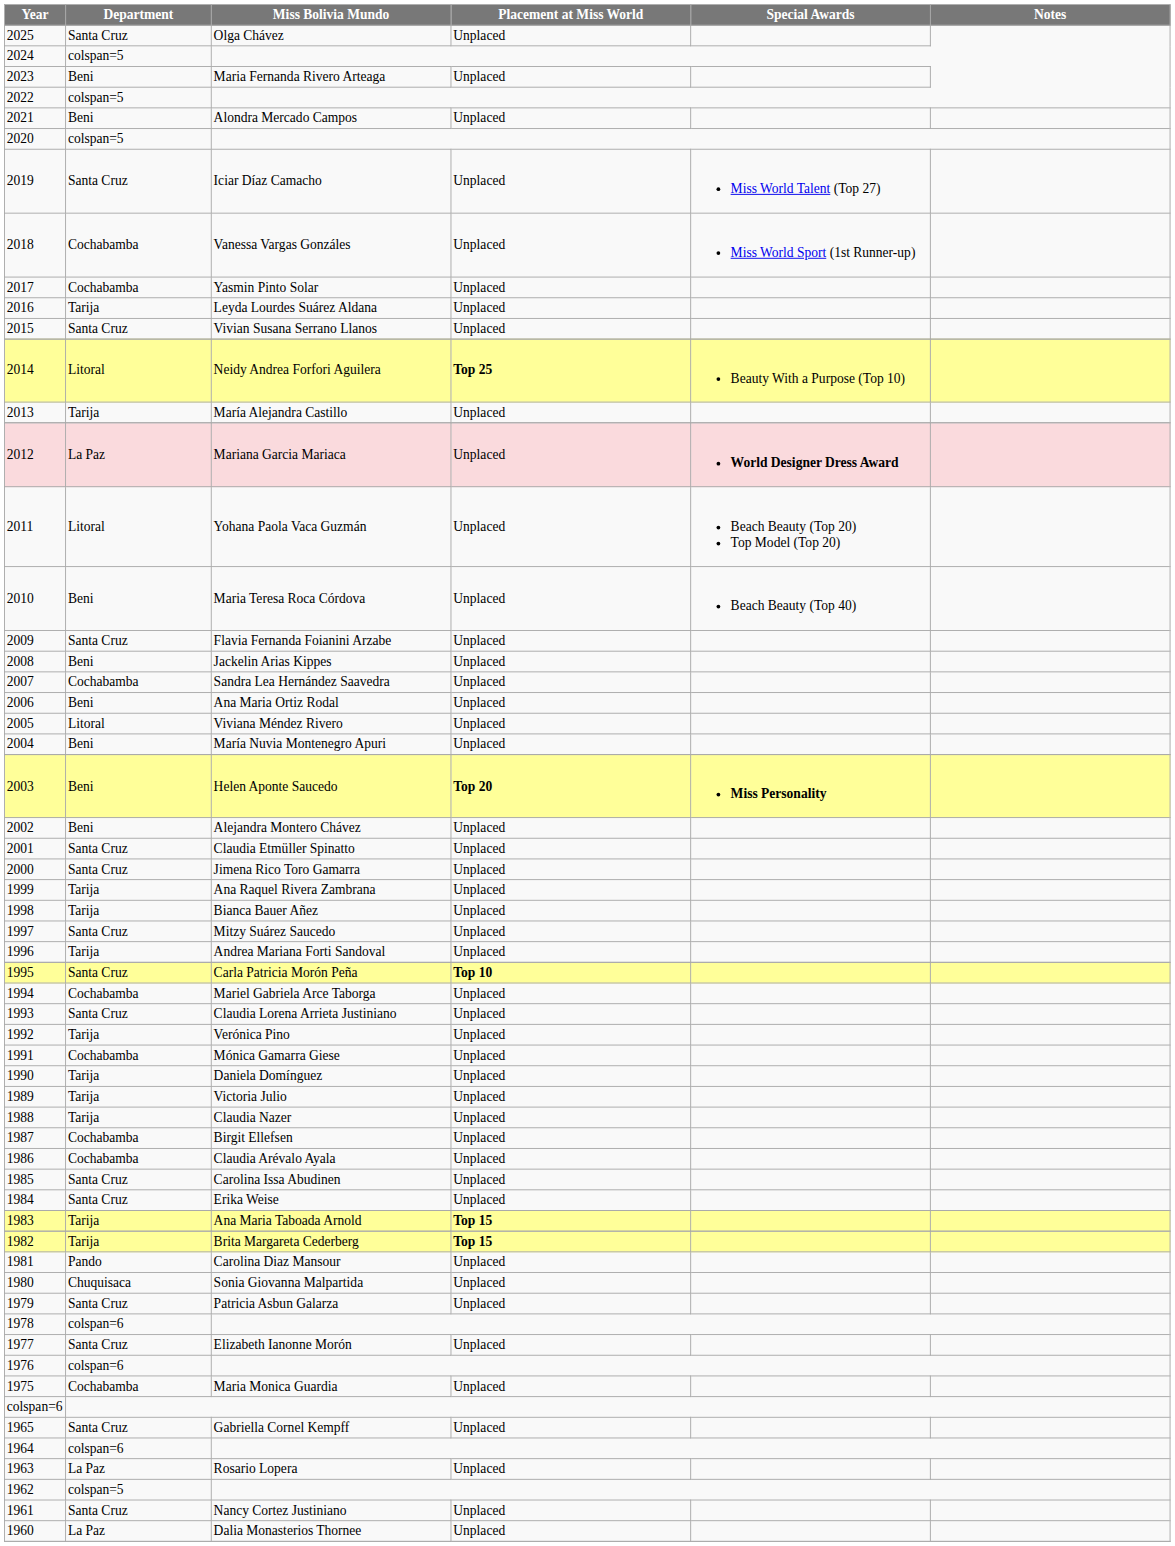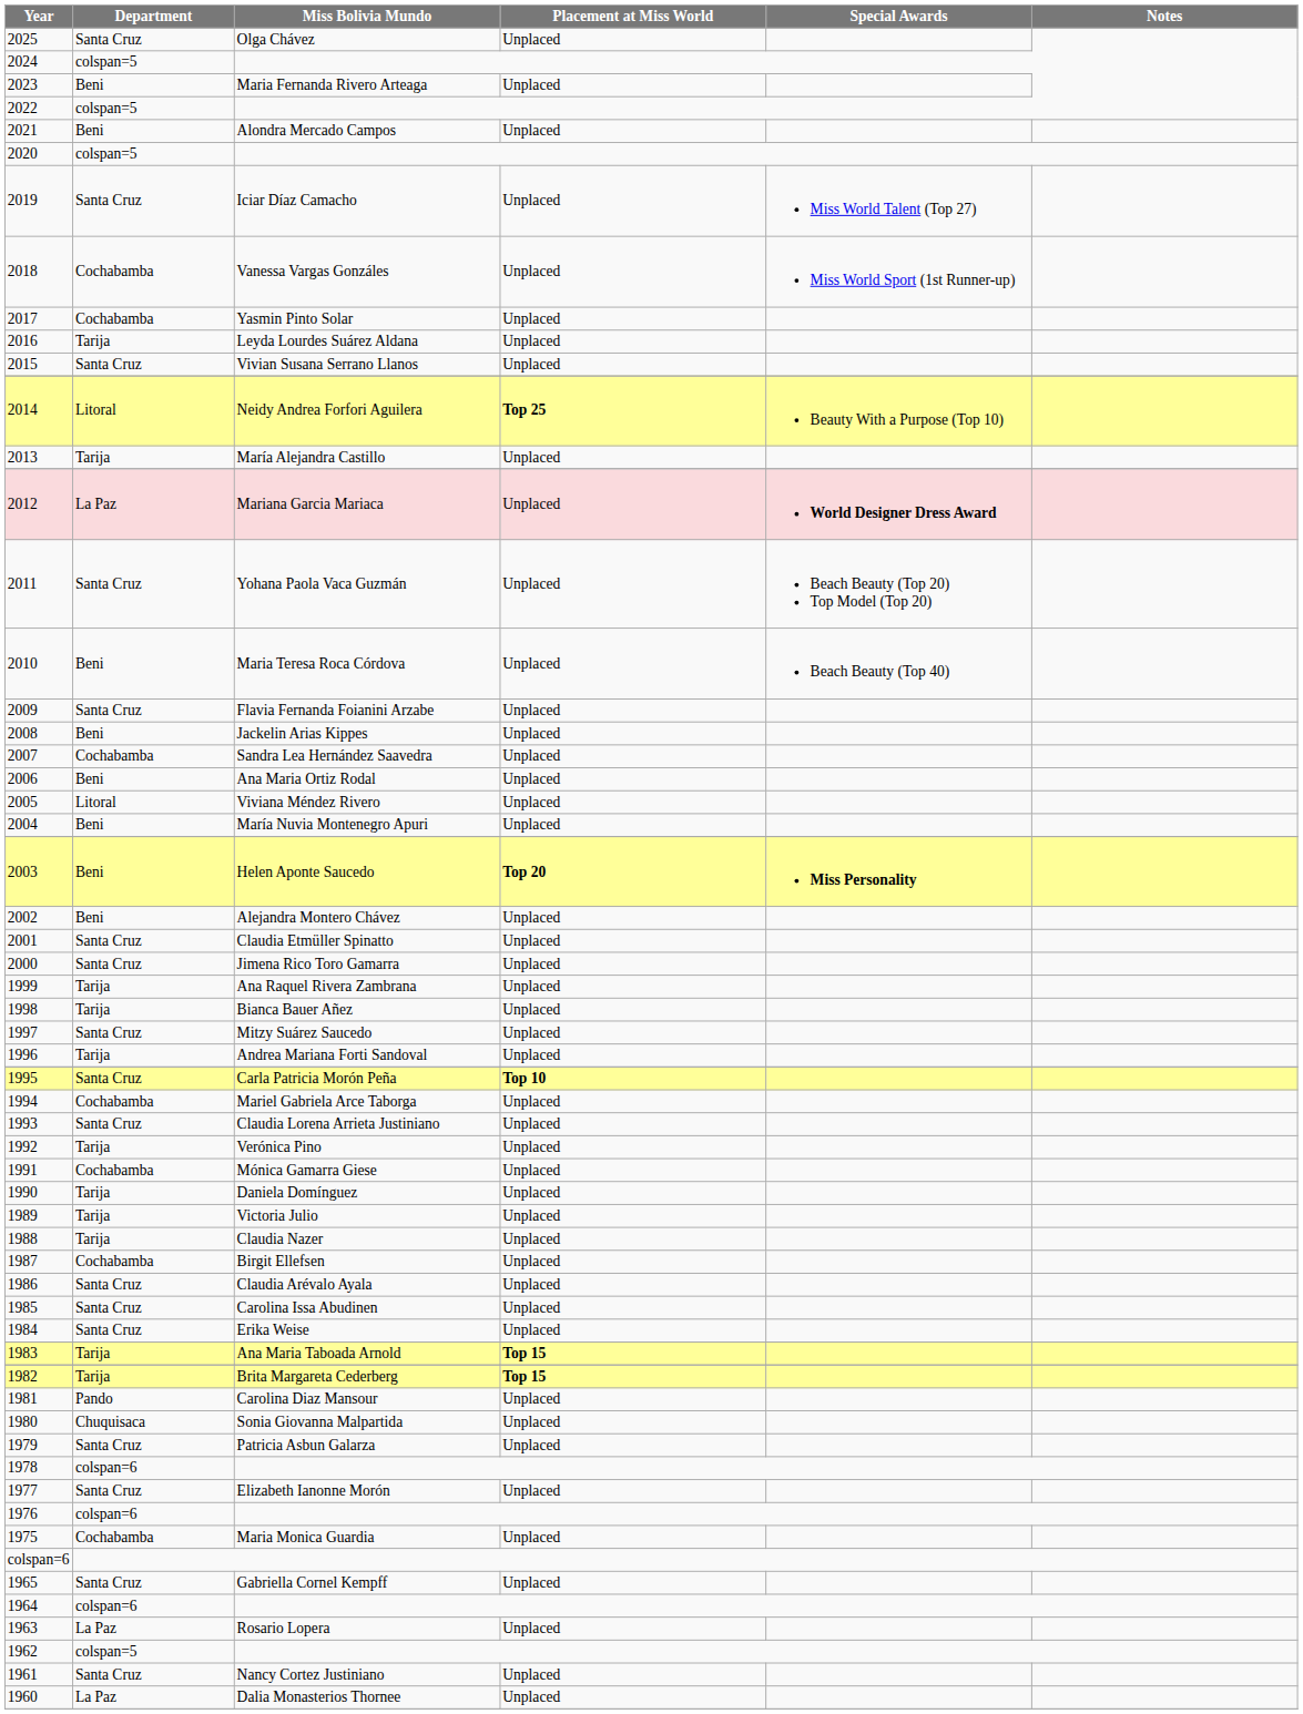 <table class="sortable" border="5" cellpadding="2" cellspacing="0" align=" 0 1em 0 0" style="background: #f9f9f9; border: 1px #aaa solid; border-collapse: collapse; font-size: 90%">
 <tr>
 <th width="60" style="background-color:#787878;color:#FFFFFF;">Year</th>
 <th width="150" style="background-color:#787878;color:#FFFFFF;">Department</th>
 <th width="250" style="background-color:#787878;color:#FFFFFF;">Miss Bolivia Mundo</th>
 <th width="250" style="background-color:#787878;color:#FFFFFF;">Placement at Miss World</th>
 <th width="250" style="background-color:#787878;color:#FFFFFF;">Special Awards</th>
 <th width="250" style="background-color:#787878;color:#FFFFFF;">Notes</th>
 </tr>
 <tr>
 <td>2025</td>
 <td>Santa Cruz</td>
 <td>Olga Chávez</td>
 <td>Unplaced</td>
 <td></td>
 </tr>
 <tr>
 <td>2024</td>
 <td>colspan=5 </td>
 </tr>
 <tr>
 <td>2023</td>
 <td>Beni</td>
 <td>Maria Fernanda Rivero Arteaga</td>
 <td>Unplaced</td>
 <td></td>
 </tr>
 <tr>
 <td>2022</td>
 <td>colspan=5 </td>
 </tr>
 <tr>
 <td>2021</td>
 <td>Beni</td>
 <td>Alondra Mercado Campos</td>
 <td>Unplaced</td>
 <td></td>
 <td></td>
 </tr>
 <tr>
 <td>2020</td>
 <td>colspan=5 </td>
 </tr>
 <tr>
 <td>2019</td>
 <td>Santa Cruz</td>
 <td>Iciar Díaz Camacho</td>
 <td>Unplaced</td>
 <td align="left"><br><ul><li><a href='#'>Miss World Talent</a> (Top 27)</li></ul></td>
 <td></td>
 </tr>
 <tr>
 <td>2018</td>
 <td>Cochabamba</td>
 <td>Vanessa Vargas Gonzáles</td>
 <td>Unplaced</td>
 <td align="left"><br><ul><li><a href='#'>Miss World Sport</a> (1st Runner-up)</li></ul></td>
 <td></td>
 </tr>
 <tr>
 <td>2017</td>
 <td>Cochabamba</td>
 <td>Yasmin Pinto Solar</td>
 <td>Unplaced</td>
 <td></td>
 <td></td>
 </tr>
 <tr>
 <td>2016</td>
 <td>Tarija</td>
 <td>Leyda Lourdes Suárez Aldana</td>
 <td>Unplaced</td>
 <td></td>
 <td></td>
 </tr>
 <tr>
 <td>2015</td>
 <td>Santa Cruz</td>
 <td>Vivian Susana Serrano Llanos</td>
 <td>Unplaced</td>
 <td></td>
 <td></td>
 </tr>
 <tr>
 </tr>
 <tr style="background-color:#FFFF99; ">
 <td>2014</td>
 <td>Litoral</td>
 <td>Neidy Andrea Forfori Aguilera</td>
 <td><strong>Top 25</strong></td>
 <td align="left"><br><ul><li>Beauty With a Purpose (Top 10)</li></ul></td>
 <td></td>
 </tr>
 <tr>
 <td>2013</td>
 <td>Tarija</td>
 <td>María Alejandra Castillo</td>
 <td>Unplaced</td>
 <td></td>
 <td></td>
 </tr>
 <tr>
 </tr>
 <tr style="background-color:#FADADD; ">
 <td>2012</td>
 <td>La Paz</td>
 <td>Mariana Garcia Mariaca</td>
 <td>Unplaced</td>
 <td align="left"><br><ul><li><strong>World Designer Dress Award</strong></li></ul></td>
 <td></td>
 </tr>
 <tr>
 <td>2011</td>
-<td>Litoral</td>
+<td>Santa Cruz</td>
 <td>Yohana Paola Vaca Guzmán</td>
 <td>Unplaced</td>
 <td align="left"><br><ul><li>Beach Beauty (Top 20)</li><li>Top Model (Top 20)</li></ul></td>
 <td></td>
 </tr>
 <tr>
 <td>2010</td>
 <td>Beni</td>
 <td>Maria Teresa Roca Córdova</td>
 <td>Unplaced</td>
 <td align="left"><br><ul><li>Beach Beauty (Top 40)</li></ul></td>
 <td></td>
 </tr>
 <tr>
 <td>2009</td>
 <td>Santa Cruz</td>
 <td>Flavia Fernanda Foianini Arzabe</td>
 <td>Unplaced</td>
 <td></td>
 <td></td>
 </tr>
 <tr>
 <td>2008</td>
 <td>Beni</td>
 <td>Jackelin Arias Kippes</td>
 <td>Unplaced</td>
 <td></td>
 <td></td>
 </tr>
 <tr>
 <td>2007</td>
 <td>Cochabamba</td>
 <td>Sandra Lea Hernández Saavedra</td>
 <td>Unplaced</td>
 <td></td>
 <td></td>
 </tr>
 <tr>
 <td>2006</td>
 <td>Beni</td>
 <td>Ana Maria Ortiz Rodal</td>
 <td>Unplaced</td>
 <td></td>
 <td></td>
 </tr>
 <tr>
 <td>2005</td>
 <td>Litoral</td>
 <td>Viviana Méndez Rivero</td>
 <td>Unplaced</td>
 <td></td>
 <td></td>
 </tr>
 <tr>
 <td>2004</td>
 <td>Beni</td>
 <td>María Nuvia Montenegro Apuri</td>
 <td>Unplaced</td>
 <td></td>
 <td></td>
 </tr>
 <tr>
 </tr>
 <tr style="background-color:#FFFF99; ">
 <td>2003</td>
 <td>Beni</td>
 <td>Helen Aponte Saucedo</td>
 <td><strong>Top 20</strong></td>
 <td align="left"><br><ul><li><strong>Miss Personality</strong></li></ul></td>
 <td></td>
 </tr>
 <tr>
 <td>2002</td>
 <td>Beni</td>
 <td>Alejandra Montero Chávez</td>
 <td>Unplaced</td>
 <td></td>
 <td></td>
 </tr>
 <tr>
 <td>2001</td>
 <td>Santa Cruz</td>
 <td>Claudia Etmüller Spinatto</td>
 <td>Unplaced</td>
 <td></td>
 <td></td>
 </tr>
 <tr>
 <td>2000</td>
 <td>Santa Cruz</td>
 <td>Jimena Rico Toro Gamarra</td>
 <td>Unplaced</td>
 <td></td>
 <td></td>
 </tr>
 <tr>
 <td>1999</td>
 <td>Tarija</td>
 <td>Ana Raquel Rivera Zambrana</td>
 <td>Unplaced</td>
 <td></td>
 <td></td>
 </tr>
 <tr>
 <td>1998</td>
 <td>Tarija</td>
 <td>Bianca Bauer Añez</td>
 <td>Unplaced</td>
 <td></td>
 <td></td>
 </tr>
 <tr>
 <td>1997</td>
 <td>Santa Cruz</td>
 <td>Mitzy Suárez Saucedo</td>
 <td>Unplaced</td>
 <td></td>
 <td></td>
 </tr>
 <tr>
 <td>1996</td>
 <td>Tarija</td>
 <td>Andrea Mariana Forti Sandoval</td>
 <td>Unplaced</td>
 <td></td>
 <td></td>
 </tr>
 <tr>
 </tr>
 <tr style="background-color:#FFFF99; ">
 <td>1995</td>
 <td>Santa Cruz</td>
 <td>Carla Patricia Morón Peña</td>
 <td><strong>Top 10</strong></td>
 <td></td>
 <td></td>
 </tr>
 <tr>
 <td>1994</td>
 <td>Cochabamba</td>
 <td>Mariel Gabriela Arce Taborga</td>
 <td>Unplaced</td>
 <td></td>
 <td></td>
 </tr>
 <tr>
 <td>1993</td>
 <td>Santa Cruz</td>
 <td>Claudia Lorena Arrieta Justiniano</td>
 <td>Unplaced</td>
 <td></td>
 <td></td>
 </tr>
 <tr>
 <td>1992</td>
 <td>Tarija</td>
 <td>Verónica Pino</td>
 <td>Unplaced</td>
 <td></td>
 <td></td>
 </tr>
 <tr>
 <td>1991</td>
 <td>Cochabamba</td>
 <td>Mónica Gamarra Giese</td>
 <td>Unplaced</td>
 <td></td>
 <td></td>
 </tr>
 <tr>
 <td>1990</td>
 <td>Tarija</td>
 <td>Daniela Domínguez</td>
 <td>Unplaced</td>
 <td></td>
 <td></td>
 </tr>
 <tr>
 <td>1989</td>
 <td>Tarija</td>
 <td>Victoria Julio</td>
 <td>Unplaced</td>
 <td></td>
 <td></td>
 </tr>
 <tr>
 <td>1988</td>
 <td>Tarija</td>
 <td>Claudia Nazer</td>
 <td>Unplaced</td>
 <td></td>
 <td></td>
 </tr>
 <tr>
 <td>1987</td>
 <td>Cochabamba</td>
 <td>Birgit Ellefsen</td>
 <td>Unplaced</td>
 <td></td>
 <td></td>
 </tr>
 <tr>
 <td>1986</td>
-<td>Cochabamba</td>
+<td>Santa Cruz</td>
 <td>Claudia Arévalo Ayala</td>
 <td>Unplaced</td>
 <td></td>
 <td></td>
 </tr>
 <tr>
 <td>1985</td>
 <td>Santa Cruz</td>
 <td>Carolina Issa Abudinen</td>
 <td>Unplaced</td>
 <td></td>
 <td></td>
 </tr>
 <tr>
 <td>1984</td>
 <td>Santa Cruz</td>
 <td>Erika Weise</td>
 <td>Unplaced</td>
 <td></td>
 <td></td>
 </tr>
 <tr>
 </tr>
 <tr style="background-color:#FFFF99; ">
 <td>1983</td>
 <td>Tarija</td>
 <td>Ana Maria Taboada Arnold</td>
 <td><strong>Top 15</strong></td>
 <td></td>
 <td></td>
 </tr>
 <tr>
 </tr>
 <tr style="background-color:#FFFF99; ">
 <td>1982</td>
 <td>Tarija</td>
 <td>Brita Margareta Cederberg</td>
 <td><strong>Top 15</strong></td>
 <td></td>
 <td></td>
 </tr>
 <tr>
 <td>1981</td>
 <td>Pando</td>
 <td>Carolina Diaz Mansour</td>
 <td>Unplaced</td>
 <td></td>
 <td></td>
 </tr>
 <tr>
 <td>1980</td>
 <td>Chuquisaca</td>
 <td>Sonia Giovanna Malpartida</td>
 <td>Unplaced</td>
 <td></td>
 <td></td>
 </tr>
 <tr>
 <td>1979</td>
 <td>Santa Cruz</td>
 <td>Patricia Asbun Galarza</td>
 <td>Unplaced</td>
 <td></td>
 <td></td>
 </tr>
 <tr>
 <td>1978</td>
 <td>colspan=6 </td>
 </tr>
 <tr>
 <td>1977</td>
 <td>Santa Cruz</td>
 <td>Elizabeth Ianonne Morón</td>
 <td>Unplaced</td>
 <td></td>
 <td></td>
 </tr>
 <tr>
 <td>1976</td>
 <td>colspan=6 </td>
 </tr>
 <tr>
 <td>1975</td>
 <td>Cochabamba</td>
 <td>Maria Monica Guardia</td>
 <td>Unplaced</td>
 <td></td>
 <td></td>
 </tr>
 <tr>
 <td>colspan=6 </td>
 </tr>
 <tr>
 <td>1965</td>
 <td>Santa Cruz</td>
 <td>Gabriella Cornel Kempff</td>
 <td>Unplaced</td>
 <td></td>
 <td></td>
 </tr>
 <tr>
 <td>1964</td>
 <td>colspan=6 </td>
 </tr>
 <tr>
 <td>1963</td>
 <td>La Paz</td>
 <td>Rosario Lopera</td>
 <td>Unplaced</td>
 <td></td>
 <td></td>
 </tr>
 <tr>
 <td>1962</td>
 <td>colspan=5 </td>
 </tr>
 <tr>
 <td>1961</td>
 <td>Santa Cruz</td>
 <td>Nancy Cortez Justiniano</td>
 <td>Unplaced</td>
 <td></td>
 <td></td>
 </tr>
 <tr>
 <td>1960</td>
 <td>La Paz</td>
 <td>Dalia Monasterios Thornee</td>
 <td>Unplaced</td>
 <td></td>
 <td></td>
 </tr>
 <tr>
 </tr>
 </table>
